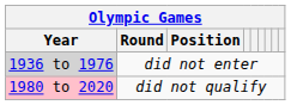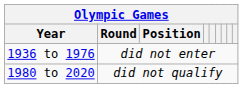 <table class="wikitable" style="text-align: center;">
 <tr>
 <th colspan=9><a href='#'>Olympic Games</a></th>
 </tr>
 <tr>
 <th>Year</th>
 <th>Round</th>
 <th>Position</th>
 <th></th>
 <th></th>
 <th></th>
 <th></th>
 <th></th>
 <th></th>
 </tr>
 <tr>
-<td style="background: lightgrey;"><a href='#'>1936</a> to <a href='#'>1976</a></td>
+<td><a href='#'>1936</a> to <a href='#'>1976</a></td>
 <td colspan=8><em>did not enter</em></td>
 </tr>
 <tr>
-<td style="background: pink;"><a href='#'>1980</a> to <a href='#'>2020</a></td>
+<td><a href='#'>1980</a> to <a href='#'>2020</a></td>
 <td colspan=8><em>did not qualify</em></td>
 </tr>
 </table>
